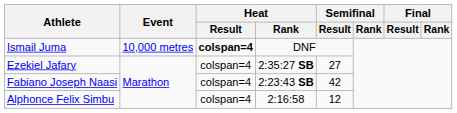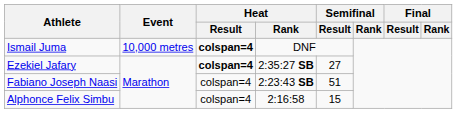 <table class="wikitable" style="font-size:90%">
 <tr>
 <th rowspan="2">Athlete</th>
 <th rowspan="2">Event</th>
 <th colspan="2">Heat</th>
 <th colspan="2">Semifinal</th>
 <th colspan="2">Final</th>
 </tr>
 <tr style="font-size:95%">
 <th>Result</th>
 <th>Rank</th>
 <th>Result</th>
 <th>Rank</th>
 <th>Result</th>
 <th>Rank</th>
 </tr>
 <tr style=text-align:center>
 <td style=text-align:left><a href='#'>Ismail Juma</a></td>
 <td style=text-align:left><a href='#'>10,000 metres</a></td>
 <td><strong>colspan=4 </strong></td>
 <td colspan=2>DNF</td>
 </tr>
 <tr style=text-align:center>
 <td style=text-align:left><a href='#'>Ezekiel Jafary</a></td>
 <td style=text-align:left rowspan=3><a href='#'>Marathon</a></td>
-<td>colspan=4 </td>
+<td><strong>colspan=4 </strong></td>
 <td>2:35:27 <strong>SB</strong></td>
 <td>27</td>
 </tr>
 <tr style=text-align:center>
 <td style=text-align:left><a href='#'>Fabiano Joseph Naasi</a></td>
 <td>colspan=4 </td>
 <td>2:23:43 <strong>SB</strong></td>
-<td>42</td>
+<td>51</td>
 </tr>
 <tr style=text-align:center>
 <td style=text-align:left><a href='#'>Alphonce Felix Simbu</a></td>
 <td>colspan=4 </td>
 <td>2:16:58</td>
-<td>12</td>
+<td>15</td>
 </tr>
 </table>
